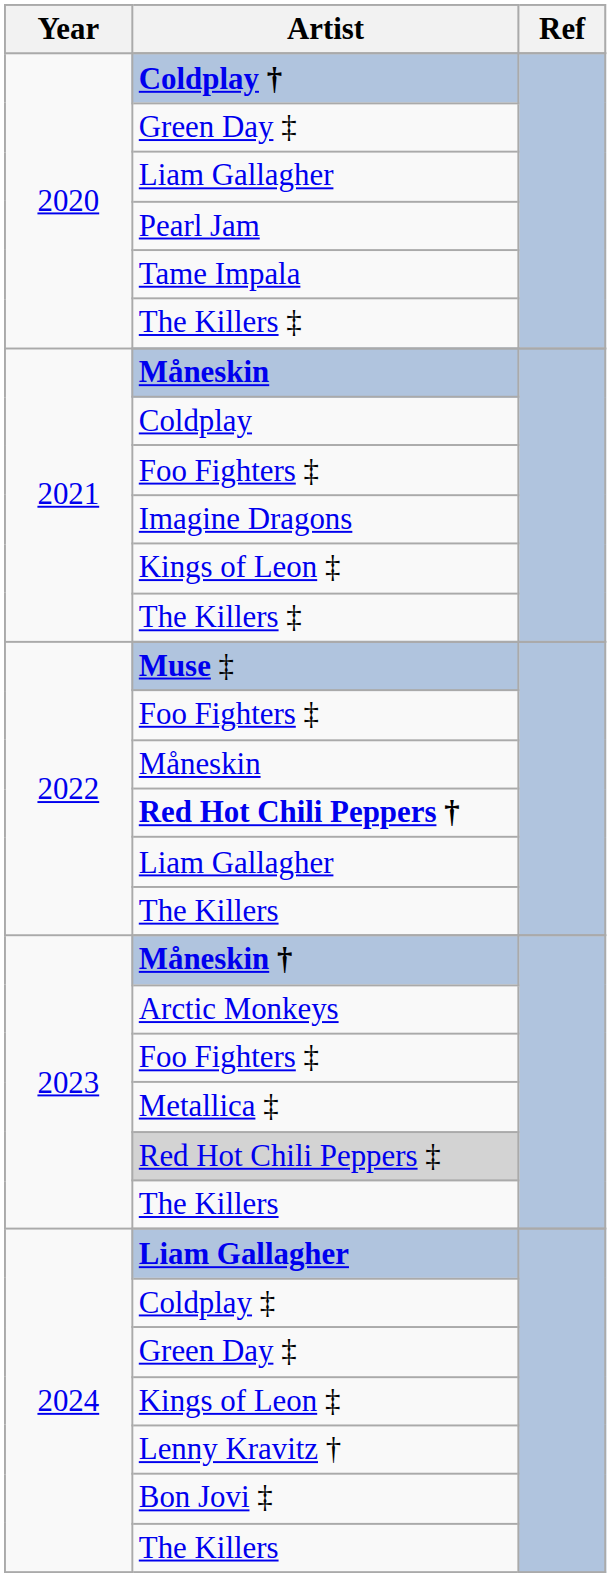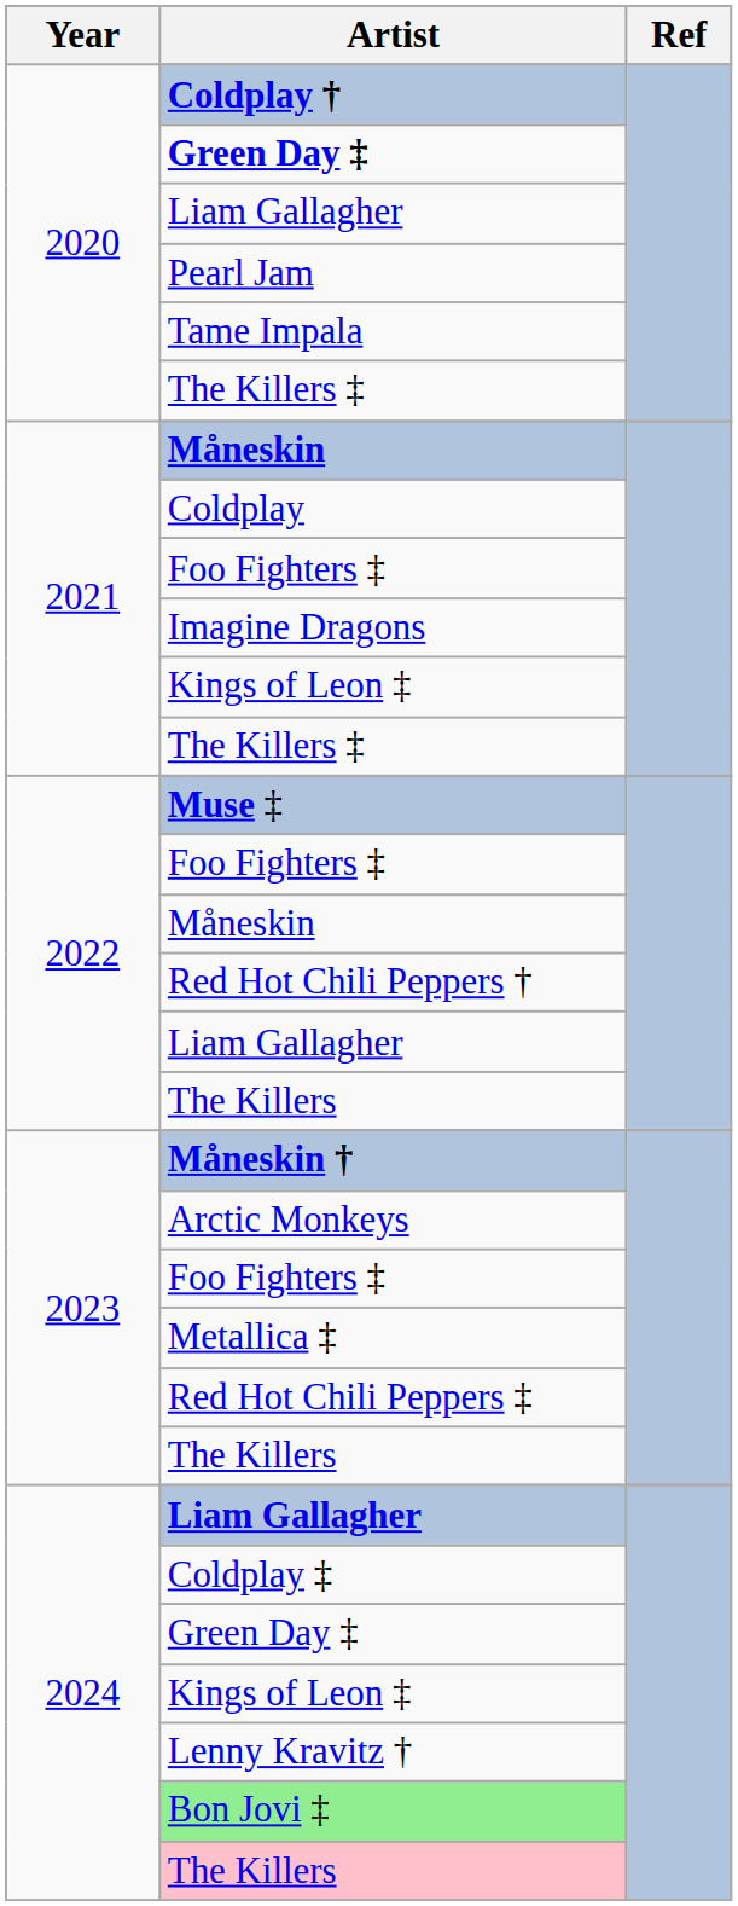 <table class="wikitable" style="width:50%">
 <tr style="background:#bebebe;">
 <th style="width:10%;">Year</th>
 <th style="width:35%;">Artist</th>
 <th style="width:5%;">Ref</th>
 </tr>
 <tr>
 <td rowspan="7" align="center"><a href='#'>2020</a></td>
 </tr>
 <tr style="background:#B0C4DE">
 <td><strong><a href='#'>Coldplay</a> †</strong></td>
 <td rowspan="6" align="center"></td>
 </tr>
 <tr>
-<td><a href='#'>Green Day</a> ‡</td>
+<td><strong><a href='#'>Green Day</a> ‡</strong></td>
 </tr>
 <tr>
 <td><a href='#'>Liam Gallagher</a></td>
 </tr>
 <tr>
 <td><a href='#'>Pearl Jam</a></td>
 </tr>
 <tr>
 <td><a href='#'>Tame Impala</a></td>
 </tr>
 <tr>
 <td><a href='#'>The Killers</a> ‡</td>
 </tr>
 <tr>
 <td rowspan="7" align="center"><a href='#'>2021</a></td>
 </tr>
 <tr style="background:#B0C4DE">
 <td><strong><a href='#'>Måneskin</a></strong></td>
 <td rowspan="6" align="center"></td>
 </tr>
 <tr>
 <td><a href='#'>Coldplay</a></td>
 </tr>
 <tr>
 <td><a href='#'>Foo Fighters</a> ‡</td>
 </tr>
 <tr>
 <td><a href='#'>Imagine Dragons</a></td>
 </tr>
 <tr>
 <td><a href='#'>Kings of Leon</a> ‡</td>
 </tr>
 <tr>
 <td><a href='#'>The Killers</a> ‡</td>
 </tr>
 <tr>
 <td rowspan="7" align="center"><a href='#'>2022</a></td>
 </tr>
 <tr style="background:#B0C4DE">
 <td><strong><a href='#'>Muse</a></strong> ‡</td>
 <td rowspan="6" align="center"></td>
 </tr>
 <tr>
 <td><a href='#'>Foo Fighters</a> ‡</td>
 </tr>
 <tr>
 <td><a href='#'>Måneskin</a></td>
 </tr>
 <tr>
-<td><strong><a href='#'>Red Hot Chili Peppers</a> †</strong></td>
+<td><a href='#'>Red Hot Chili Peppers</a> †</td>
 </tr>
 <tr>
 <td><a href='#'>Liam Gallagher</a></td>
 </tr>
 <tr>
 <td><a href='#'>The Killers</a></td>
 </tr>
 <tr>
 <td rowspan="7" align="center"><a href='#'>2023</a></td>
 </tr>
 <tr style="background:#B0C4DE">
 <td><strong><a href='#'>Måneskin</a> †</strong></td>
 <td rowspan="6" align="center"></td>
 </tr>
 <tr>
 <td><a href='#'>Arctic Monkeys</a></td>
 </tr>
 <tr>
 <td><a href='#'>Foo Fighters</a> ‡</td>
 </tr>
 <tr>
 <td><a href='#'>Metallica</a> ‡</td>
 </tr>
 <tr>
-<td style="background: lightgrey;"><a href='#'>Red Hot Chili Peppers</a> ‡</td>
+<td><a href='#'>Red Hot Chili Peppers</a> ‡</td>
 </tr>
 <tr>
 <td><a href='#'>The Killers</a></td>
 </tr>
 <tr>
 <td rowspan="8" align="center"><a href='#'>2024</a></td>
 </tr>
 <tr style="background:#B0C4DE">
 <td><strong><a href='#'>Liam Gallagher</a></strong></td>
 <td rowspan="7" align="center" style="background:#B0C4DE"></td>
 </tr>
 <tr>
 <td><a href='#'>Coldplay</a> ‡</td>
 </tr>
 <tr>
 <td><a href='#'>Green Day</a> ‡</td>
 </tr>
 <tr>
 <td><a href='#'>Kings of Leon</a> ‡</td>
 </tr>
 <tr>
 <td><a href='#'>Lenny Kravitz</a> †</td>
 </tr>
 <tr>
-<td><a href='#'>Bon Jovi</a> ‡</td>
+<td style="background: lightgreen;"><a href='#'>Bon Jovi</a> ‡</td>
 </tr>
 <tr>
-<td><a href='#'>The Killers</a></td>
+<td style="background: pink;"><a href='#'>The Killers</a></td>
 </tr>
 </table>
